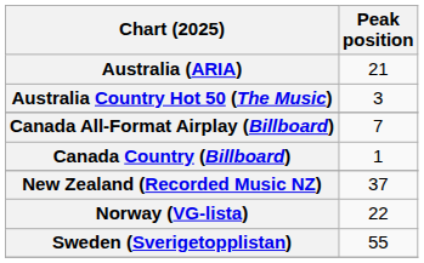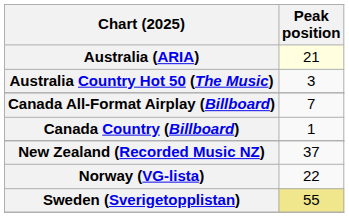 <table class="wikitable sortable plainrowheaders" style="text-align:center">
 <tr>
 <th scope="col">Chart (2025)</th>
 <th scope="col">Peak<br>position</th>
 </tr>
 <tr>
 <th scope="row">Australia (<a href='#'>ARIA</a>)</th>
-<td>21</td>
+<td style="background: lightyellow;">21</td>
 </tr>
 <tr>
 <th scope="row">Australia <a href='#'>Country Hot 50</a> (<em><a href='#'>The Music</a></em>)</th>
 <td>3</td>
 </tr>
 <tr>
 </tr>
 <tr>
 <th scope="row">Canada All-Format Airplay (<em><a href='#'>Billboard</a></em>)</th>
 <td>7</td>
 </tr>
 <tr>
 <th scope="row">Canada <a href='#'>Country</a> (<em><a href='#'>Billboard</a></em>)</th>
 <td>1</td>
 </tr>
 <tr>
 </tr>
 <tr>
 </tr>
 <tr>
 <th scope="row">New Zealand (<a href='#'>Recorded Music NZ</a>)</th>
 <td>37</td>
 </tr>
 <tr>
 <th scope="row">Norway (<a href='#'>VG-lista</a>)</th>
 <td>22</td>
 </tr>
 <tr>
 <th scope="row">Sweden (<a href='#'>Sverigetopplistan</a>)</th>
-<td>55</td>
+<td style="background: khaki;">55</td>
 </tr>
 <tr>
 </tr>
 <tr>
 </tr>
 <tr>
 </tr>
 <tr>
 </tr>
 </table>
